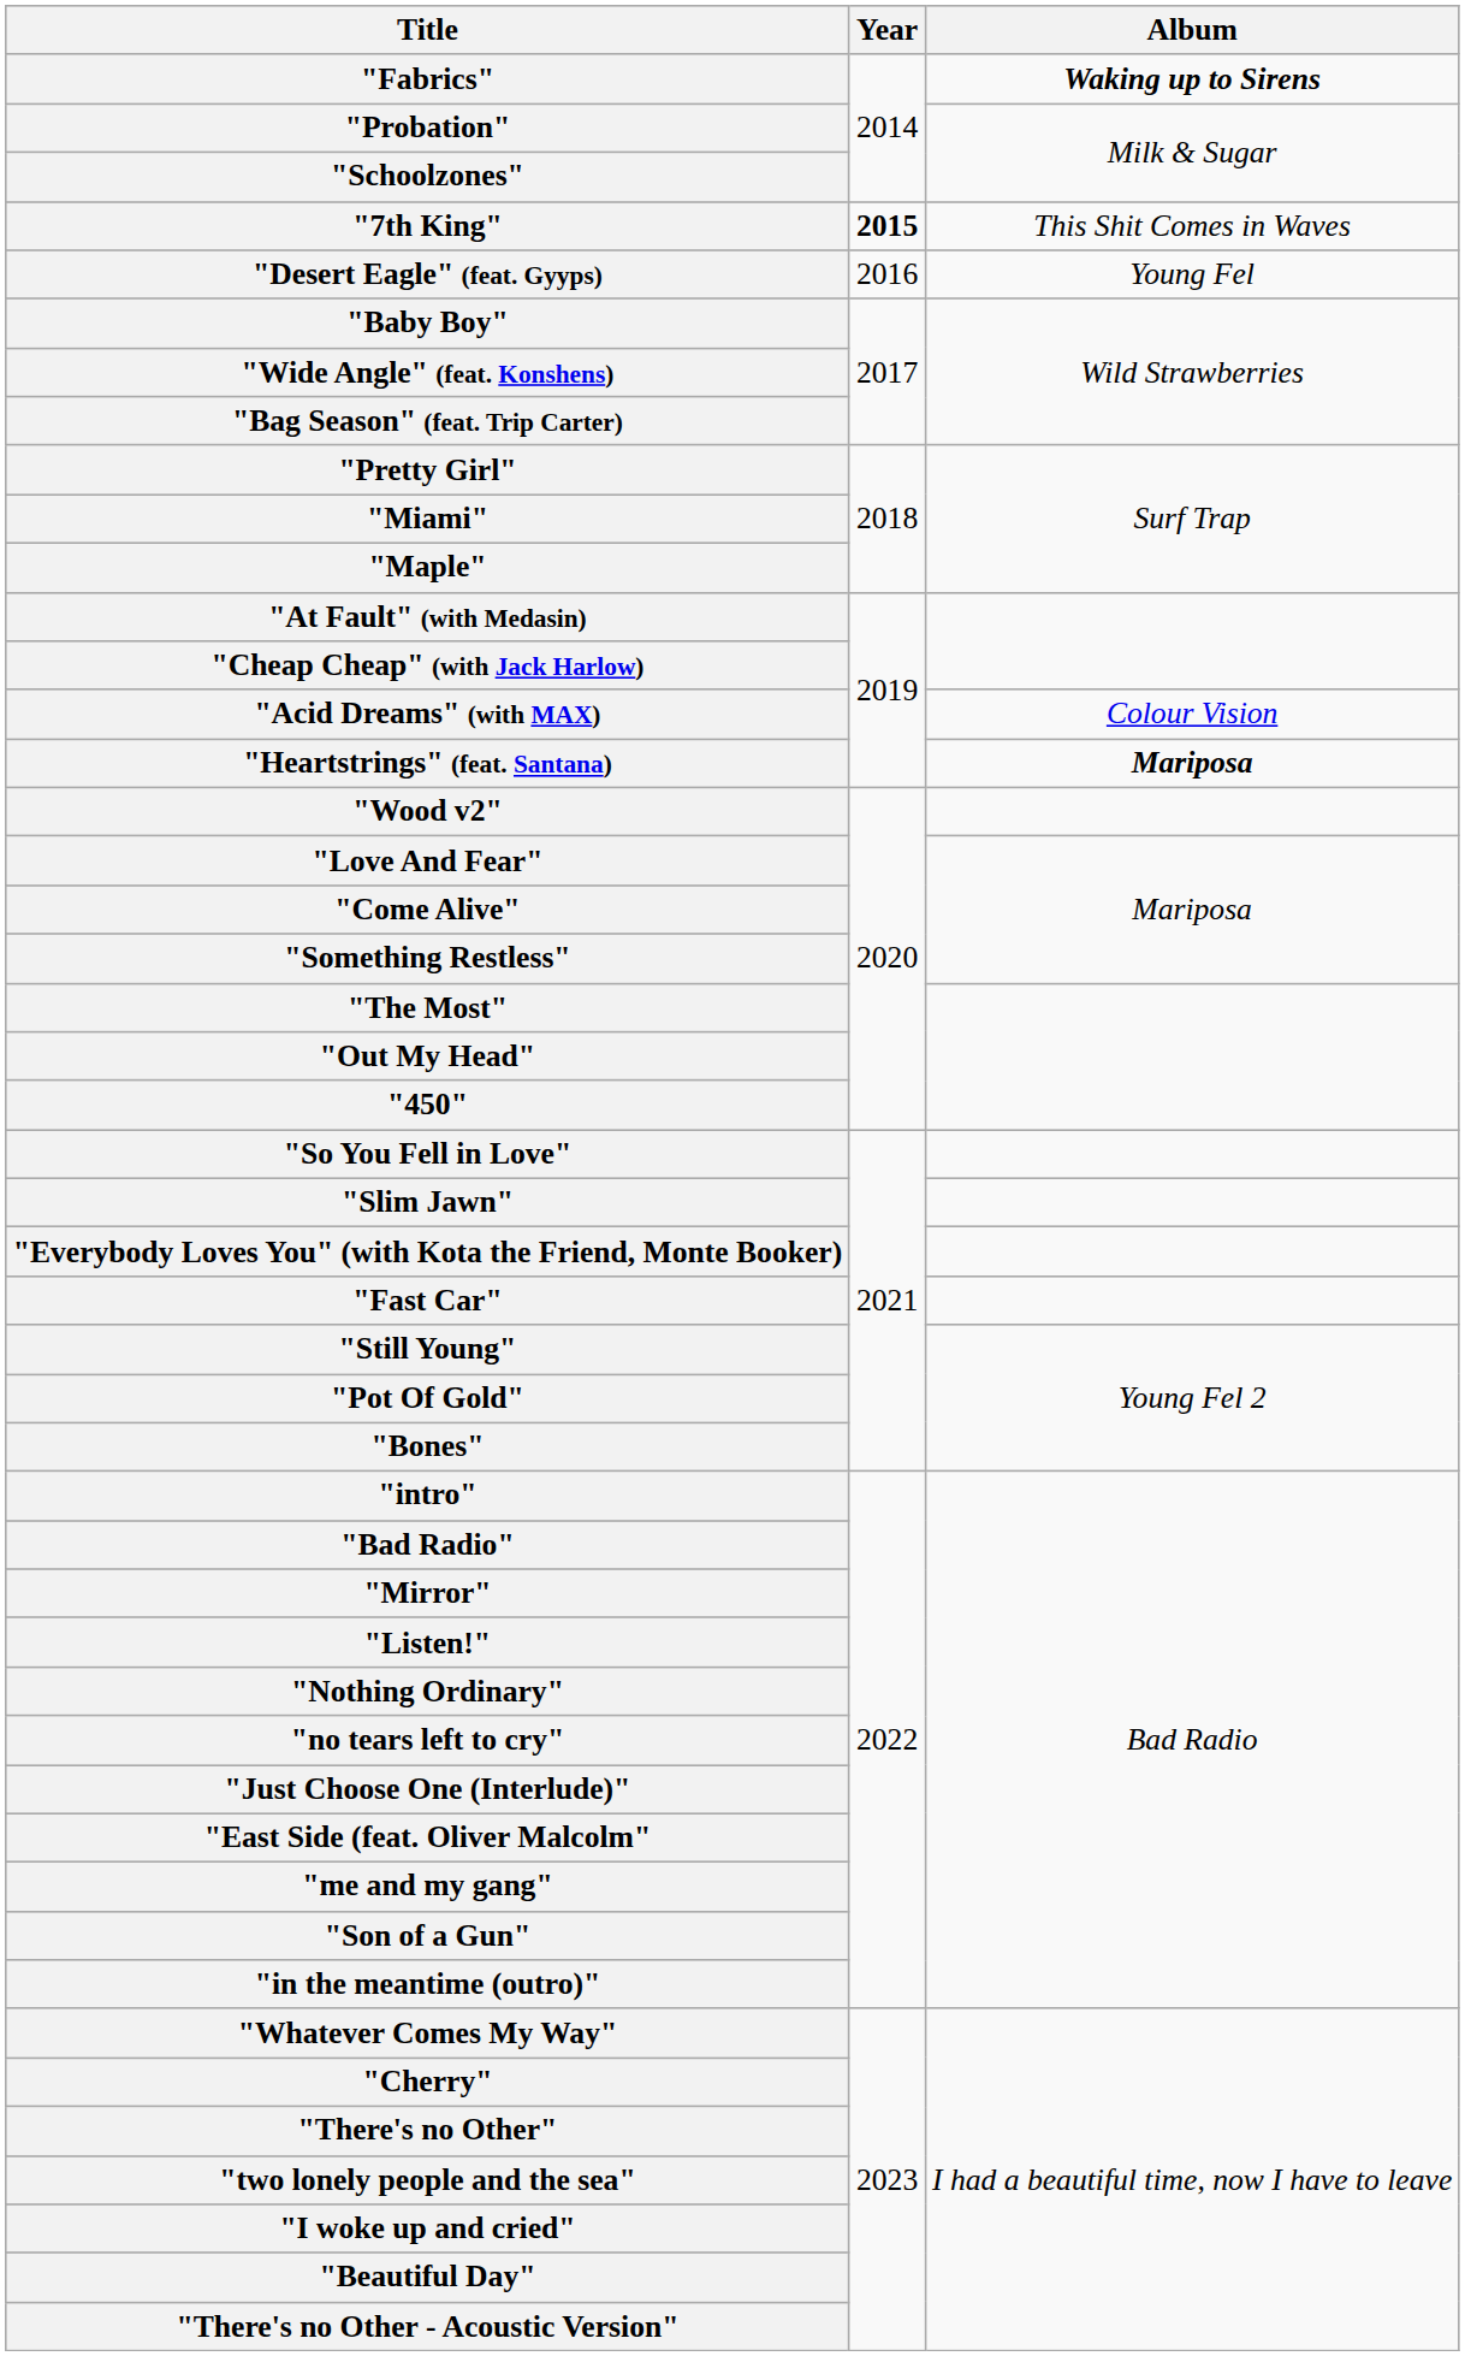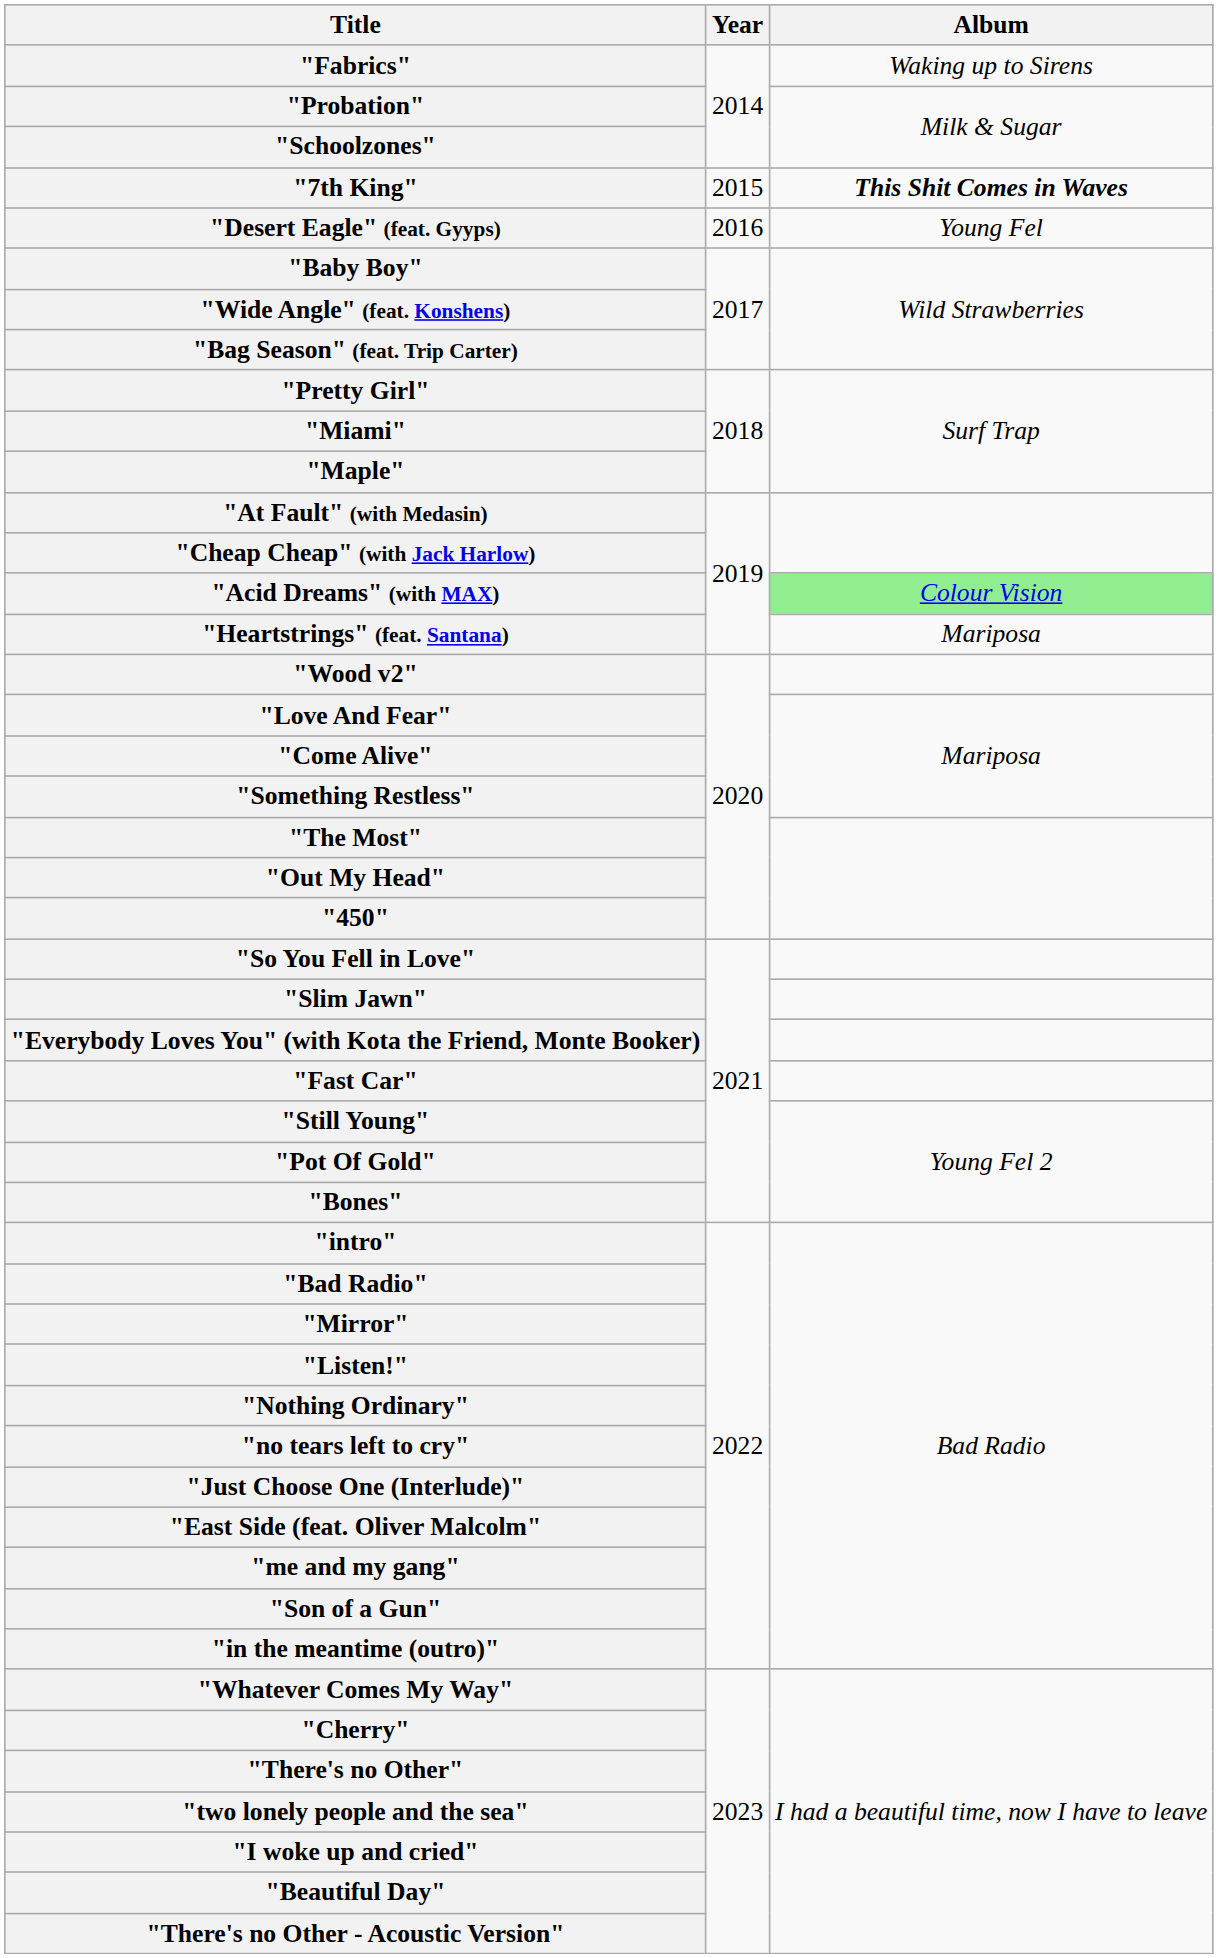 <table class="wikitable plainrowheaders" style="text-align:center;">
 <tr>
 <th scope="col">Title</th>
 <th scope="col">Year</th>
 <th scope="col">Album</th>
 </tr>
 <tr>
 <th scope="row">"Fabrics"</th>
 <td rowspan="3">2014</td>
-<td><strong><em>Waking up to Sirens</em></strong></td>
+<td><em>Waking up to Sirens</em></td>
 </tr>
 <tr>
 <th scope="row">"Probation"</th>
 <td rowspan="2"><em>Milk & Sugar</em></td>
 </tr>
 <tr>
 <th scope="row">"Schoolzones"</th>
 </tr>
 <tr>
 <th scope="row">"7th King"</th>
-<td><strong>2015</strong></td>
-<td><em>This Shit Comes in Waves</em></td>
+<td>2015</td>
+<td><strong><em>This Shit Comes in Waves</em></strong></td>
 </tr>
 <tr>
 <th scope="row">"Desert Eagle" <small>(feat. Gyyps)</small></th>
 <td>2016</td>
 <td><em>Young Fel</em></td>
 </tr>
 <tr>
 <th scope="row">"Baby Boy"</th>
 <td rowspan="3">2017</td>
 <td rowspan="3"><em>Wild Strawberries</em></td>
 </tr>
 <tr>
 <th scope="row">"Wide Angle" <small>(feat. <a href='#'>Konshens</a>)</small></th>
 </tr>
 <tr>
 <th scope="row">"Bag Season" <small>(feat. Trip Carter)</small></th>
 </tr>
 <tr>
 <th scope="row">"Pretty Girl"</th>
 <td rowspan="3">2018</td>
 <td rowspan="3"><em>Surf Trap</em></td>
 </tr>
 <tr>
 <th scope="row">"Miami"</th>
 </tr>
 <tr>
 <th scope="row">"Maple"</th>
 </tr>
 <tr>
 <th scope="row">"At Fault" <small>(with Medasin)</small></th>
 <td rowspan="4">2019</td>
 <td rowspan="2"></td>
 </tr>
 <tr>
 <th scope="row">"Cheap Cheap" <small>(with <a href='#'>Jack Harlow</a>)</small></th>
 </tr>
 <tr>
 <th scope="row">"Acid Dreams" <small>(with <a href='#'>MAX</a>)</small></th>
-<td><em><a href='#'>Colour Vision</a></em></td>
+<td style="background: lightgreen;"><em><a href='#'>Colour Vision</a></em></td>
 </tr>
 <tr>
 <th scope="row">"Heartstrings" <small>(feat. <a href='#'>Santana</a>)</small></th>
-<td><strong><em>Mariposa</em></strong></td>
+<td><em>Mariposa</em></td>
 </tr>
 <tr>
 <th scope="row">"Wood v2"</th>
 <td rowspan="7">2020</td>
 <td></td>
 </tr>
 <tr>
 <th scope="row">"Love And Fear"</th>
 <td rowspan="3"><em>Mariposa</em></td>
 </tr>
 <tr>
 <th scope="row">"Come Alive"</th>
 </tr>
 <tr>
 <th scope="row">"Something Restless"</th>
 </tr>
 <tr>
 <th scope="row">"The Most"</th>
 <td rowspan="3"></td>
 </tr>
 <tr>
 <th scope="row">"Out My Head"</th>
 </tr>
 <tr>
 <th scope="row">"450"</th>
 </tr>
 <tr>
 <th scope="row">"So You Fell in Love"</th>
 <td rowspan="7">2021</td>
 <td></td>
 </tr>
 <tr>
 <th scope="row">"Slim Jawn"</th>
 <td></td>
 </tr>
 <tr>
 <th scope="row">"Everybody Loves You" (with Kota the Friend, Monte Booker)</th>
 <td></td>
 </tr>
 <tr>
 <th scope="row">"Fast Car"</th>
 <td></td>
 </tr>
 <tr>
 <th scope="row">"Still Young"</th>
 <td rowspan="3"><em>Young Fel 2</em></td>
 </tr>
 <tr>
 <th scope="row">"Pot Of Gold"</th>
 </tr>
 <tr>
 <th scope="row">"Bones"</th>
 </tr>
 <tr>
 <th scope="row">"intro"</th>
 <td rowspan="11">2022</td>
 <td rowspan="11"><em>Bad Radio</em></td>
 </tr>
 <tr>
 <th scope="row">"Bad Radio"</th>
 </tr>
 <tr>
 <th scope="row">"Mirror"</th>
 </tr>
 <tr>
 <th scope="row">"Listen!"</th>
 </tr>
 <tr>
 <th scope="row">"Nothing Ordinary"</th>
 </tr>
 <tr>
 <th scope="row">"no tears left to cry"</th>
 </tr>
 <tr>
 <th scope="row">"Just Choose One (Interlude)"</th>
 </tr>
 <tr>
 <th scope="row">"East Side (feat. Oliver Malcolm"</th>
 </tr>
 <tr>
 <th scope="row">"me and my gang"</th>
 </tr>
 <tr>
 <th scope="row">"Son of a Gun"</th>
 </tr>
 <tr>
 <th scope="row">"in the meantime (outro)"</th>
 </tr>
 <tr>
 <th scope="row">"Whatever Comes My Way"</th>
 <td rowspan="8">2023</td>
 <td rowspan="8"><em>I had a beautiful time, now I have to leave</em></td>
 </tr>
 <tr>
 <th scope="row">"Cherry"</th>
 </tr>
 <tr>
 <th scope="row">"There's no Other"</th>
 </tr>
 <tr>
 <th scope="row">"two lonely people and the sea"</th>
 </tr>
 <tr>
 <th scope="row">"I woke up and cried"</th>
 </tr>
 <tr>
 <th scope="row">"Beautiful Day"</th>
 </tr>
 <tr>
 <th scope="row">"There's no Other - Acoustic Version"</th>
 </tr>
 </table>
